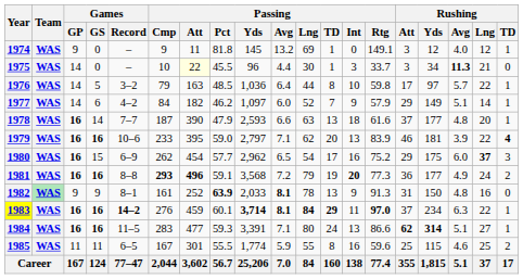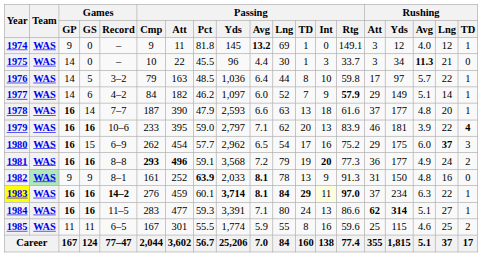 <table class="wikitable" style="text-align:center;">
 <tr>
 <th rowspan="2">Year</th>
 <th rowspan="2">Team</th>
 <th colspan="3">Games</th>
 <th colspan="9">Passing</th>
 <th colspan="5">Rushing</th>
 </tr>
 <tr>
 <th>GP</th>
 <th>GS</th>
 <th>Record</th>
 <th>Cmp</th>
 <th>Att</th>
 <th>Pct</th>
 <th>Yds</th>
 <th>Avg</th>
 <th>Lng</th>
 <th>TD</th>
 <th>Int</th>
 <th>Rtg</th>
 <th>Att</th>
 <th>Yds</th>
 <th>Avg</th>
 <th>Lng</th>
 <th>TD</th>
 </tr>
 <tr>
 <th><a href='#'>1974</a></th>
 <th><a href='#'>WAS</a></th>
 <td>9</td>
 <td>0</td>
 <td>–</td>
 <td>9</td>
 <td>11</td>
 <td>81.8</td>
 <td>145</td>
-<td>13.2</td>
+<td><strong>13.2</strong></td>
 <td>69</td>
 <td>1</td>
 <td>0</td>
 <td>149.1</td>
 <td>3</td>
 <td>12</td>
 <td>4.0</td>
 <td>12</td>
 <td>1</td>
 </tr>
 <tr>
 <th><a href='#'>1975</a></th>
 <th><a href='#'>WAS</a></th>
 <td>14</td>
 <td>0</td>
 <td>–</td>
 <td>10</td>
-<td style="background: lightyellow;">22</td>
+<td>22</td>
 <td>45.5</td>
 <td>96</td>
 <td>4.4</td>
 <td>30</td>
 <td>1</td>
 <td>3</td>
 <td>33.7</td>
 <td>3</td>
 <td>34</td>
 <td><strong>11.3</strong></td>
 <td>21</td>
 <td>0</td>
 </tr>
 <tr>
 <th><a href='#'>1976</a></th>
 <th><a href='#'>WAS</a></th>
 <td>14</td>
 <td>5</td>
 <td>3–2</td>
 <td>79</td>
 <td>163</td>
 <td>48.5</td>
 <td>1,036</td>
 <td>6.4</td>
 <td>44</td>
 <td>8</td>
 <td>10</td>
 <td>59.8</td>
 <td>17</td>
 <td>97</td>
 <td>5.7</td>
 <td>22</td>
 <td>1</td>
 </tr>
 <tr>
 <th><a href='#'>1977</a></th>
 <th><a href='#'>WAS</a></th>
 <td>14</td>
 <td>6</td>
 <td>4–2</td>
 <td>84</td>
 <td>182</td>
 <td>46.2</td>
 <td>1,097</td>
 <td>6.0</td>
 <td>52</td>
 <td>7</td>
 <td>9</td>
-<td>57.9</td>
+<td><strong>57.9</strong></td>
 <td>29</td>
 <td>149</td>
 <td>5.1</td>
 <td>14</td>
 <td>1</td>
 </tr>
 <tr>
 <th><a href='#'>1978</a></th>
 <th><a href='#'>WAS</a></th>
 <td><strong>16</strong></td>
 <td>14</td>
 <td>7–7</td>
 <td>187</td>
 <td>390</td>
 <td>47.9</td>
 <td>2,593</td>
 <td>6.6</td>
 <td>63</td>
 <td>13</td>
 <td>18</td>
 <td>61.6</td>
 <td>37</td>
 <td>177</td>
 <td>4.8</td>
 <td>20</td>
 <td>1</td>
 </tr>
 <tr>
 <th><a href='#'>1979</a></th>
 <th><a href='#'>WAS</a></th>
 <td><strong>16</strong></td>
 <td><strong>16</strong></td>
 <td>10–6</td>
 <td>233</td>
 <td>395</td>
 <td>59.0</td>
 <td>2,797</td>
 <td>7.1</td>
 <td>62</td>
 <td>20</td>
 <td>13</td>
 <td>83.9</td>
 <td>46</td>
 <td>181</td>
 <td>3.9</td>
 <td>22</td>
 <td><strong>4</strong></td>
 </tr>
 <tr>
 <th><a href='#'>1980</a></th>
 <th><a href='#'>WAS</a></th>
 <td><strong>16</strong></td>
 <td>15</td>
 <td>6–9</td>
 <td>262</td>
 <td>454</td>
 <td>57.7</td>
 <td>2,962</td>
 <td>6.5</td>
 <td>54</td>
 <td>17</td>
 <td>16</td>
 <td>75.2</td>
 <td>29</td>
 <td>175</td>
 <td>6.0</td>
 <td><strong>37</strong></td>
 <td>3</td>
 </tr>
 <tr>
 <th><a href='#'>1981</a></th>
 <th><a href='#'>WAS</a></th>
 <td><strong>16</strong></td>
 <td><strong>16</strong></td>
 <td>8–8</td>
 <td><strong>293</strong></td>
 <td><strong>496</strong></td>
 <td>59.1</td>
 <td>3,568</td>
 <td>7.2</td>
 <td>79</td>
 <td>19</td>
 <td><strong>20</strong></td>
 <td>77.3</td>
 <td>36</td>
 <td>177</td>
 <td>4.9</td>
 <td>24</td>
 <td>2</td>
 </tr>
 <tr>
 <th><a href='#'>1982</a></th>
 <th style="background:#afe6ba;"><a href='#'>WAS</a></th>
 <td>9</td>
 <td>9</td>
 <td>8–1</td>
 <td>161</td>
 <td>252</td>
 <td><strong>63.9</strong></td>
 <td>2,033</td>
 <td><strong>8.1</strong></td>
 <td>78</td>
 <td>13</td>
 <td>9</td>
 <td>91.3</td>
 <td>31</td>
 <td>150</td>
 <td>4.8</td>
 <td>16</td>
 <td>0</td>
 </tr>
 <tr>
 <th style="background:#ffff00;"><a href='#'>1983</a></th>
 <th><a href='#'>WAS</a></th>
 <td><strong>16</strong></td>
 <td><strong>16</strong></td>
 <td><strong>14–2</strong></td>
 <td>276</td>
 <td>459</td>
 <td>60.1</td>
 <td><strong>3,714</strong></td>
 <td><strong>8.1</strong></td>
 <td><strong>84</strong></td>
 <td><strong>29</strong></td>
-<td>11</td>
+<td style="background: lightyellow;">11</td>
 <td><strong>97.0</strong></td>
 <td>37</td>
 <td>234</td>
 <td>6.3</td>
 <td>22</td>
 <td>1</td>
 </tr>
 <tr>
 <th><a href='#'>1984</a></th>
 <th><a href='#'>WAS</a></th>
 <td><strong>16</strong></td>
 <td><strong>16</strong></td>
 <td>11–5</td>
 <td>283</td>
 <td>477</td>
 <td>59.3</td>
 <td>3,391</td>
 <td>7.1</td>
 <td>80</td>
 <td>24</td>
 <td>13</td>
 <td>86.6</td>
 <td><strong>62</strong></td>
 <td><strong>314</strong></td>
 <td>5.1</td>
 <td>27</td>
 <td>1</td>
 </tr>
 <tr>
 <th><a href='#'>1985</a></th>
 <th><a href='#'>WAS</a></th>
 <td>11</td>
 <td>11</td>
 <td>6–5</td>
 <td>167</td>
 <td>301</td>
 <td>55.5</td>
 <td>1,774</td>
 <td>5.9</td>
 <td>55</td>
 <td>8</td>
 <td>16</td>
 <td>59.6</td>
 <td>25</td>
 <td>115</td>
 <td>4.6</td>
 <td>25</td>
 <td>2</td>
 </tr>
 <tr>
 <th colspan="2">Career</th>
 <th>167</th>
 <th>124</th>
 <th>77–47</th>
 <th>2,044</th>
 <th>3,602</th>
 <th>56.7</th>
 <th>25,206</th>
 <th>7.0</th>
 <th>84</th>
 <th>160</th>
 <th>138</th>
 <th>77.4</th>
 <th>355</th>
 <th>1,815</th>
 <th>5.1</th>
 <th>37</th>
 <th>17</th>
 </tr>
 </table>
